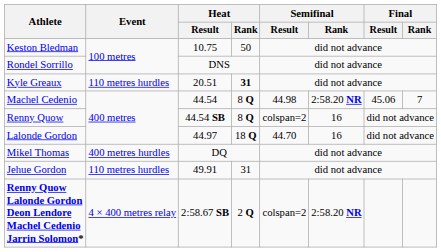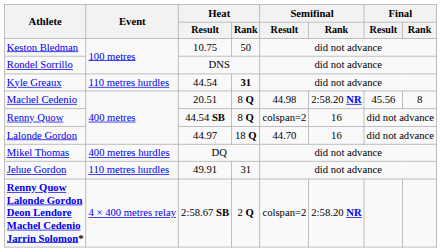 <table class="wikitable" style="font-size:90%">
 <tr>
 <th rowspan="2">Athlete</th>
 <th rowspan="2">Event</th>
 <th colspan="2">Heat</th>
 <th colspan="2">Semifinal</th>
 <th colspan="2">Final</th>
 </tr>
 <tr style="font-size:95%">
 <th>Result</th>
 <th>Rank</th>
 <th>Result</th>
 <th>Rank</th>
 <th>Result</th>
 <th>Rank</th>
 </tr>
 <tr style=text-align:center>
 <td style=text-align:left><a href='#'>Keston Bledman</a></td>
 <td style=text-align:left rowspan=2><a href='#'>100 metres</a></td>
 <td>10.75</td>
 <td>50</td>
 <td colspan=4>did not advance</td>
 </tr>
 <tr style=text-align:center>
 <td style=text-align:left><a href='#'>Rondel Sorrillo</a></td>
 <td colspan=2>DNS</td>
 <td colspan=4>did not advance</td>
 </tr>
 <tr style=text-align:center>
 <td style=text-align:left><a href='#'>Kyle Greaux</a></td>
 <td style=text-align:left><a href='#'>110 metres hurdles</a></td>
-<td>20.51</td>
+<td>44.54</td>
 <td><strong>31</strong></td>
 <td colspan=4>did not advance</td>
 </tr>
 <tr style=text-align:center>
 <td style=text-align:left><a href='#'>Machel Cedenio</a></td>
 <td style=text-align:left rowspan=3><a href='#'>400 metres</a></td>
-<td>44.54</td>
+<td>20.51</td>
 <td>8 <strong>Q</strong></td>
 <td>44.98</td>
 <td>2:58.20  <strong><a href='#'>NR</a></strong></td>
-<td>45.06</td>
-<td>7</td>
+<td>45.56</td>
+<td>8</td>
 </tr>
 <tr style=text-align:center>
 <td style=text-align:left><a href='#'>Renny Quow</a></td>
 <td>44.54 <strong>SB</strong></td>
 <td>8 <strong>Q</strong></td>
 <td>colspan=2 </td>
 <td>16</td>
 <td colspan=2>did not advance</td>
 </tr>
 <tr style=text-align:center>
 <td style=text-align:left><a href='#'>Lalonde Gordon</a></td>
 <td>44.97</td>
 <td>18 <strong>Q</strong></td>
 <td>44.70</td>
 <td>16</td>
 <td colspan=2>did not advance</td>
 </tr>
 <tr style=text-align:center>
 <td style=text-align:left><a href='#'>Mikel Thomas</a></td>
 <td style=text-align:left><a href='#'>400 metres hurdles</a></td>
 <td colspan=2>DQ</td>
 <td colspan=4>did not advance</td>
 </tr>
 <tr style=text-align:center>
 <td style=text-align:left><a href='#'>Jehue Gordon</a></td>
 <td style=text-align:left><a href='#'>110 metres hurdles</a></td>
 <td>49.91</td>
 <td>31</td>
 <td colspan=4>did not advance</td>
 </tr>
 <tr style=text-align:center>
 <td style=text-align:left><strong><a href='#'>Renny Quow</a><br><a href='#'>Lalonde Gordon</a><br><a href='#'>Deon Lendore</a><br><a href='#'>Machel Cedenio</a><br><a href='#'>Jarrin Solomon</a>*</strong></td>
 <td style=text-align:left><a href='#'>4 × 400 metres relay</a></td>
 <td>2:58.67 <strong>SB</strong></td>
 <td>2 <strong>Q</strong></td>
 <td>colspan=2 </td>
 <td>2:58.20  <strong><a href='#'>NR</a></strong></td>
 <td></td>
 </tr>
 </table>
